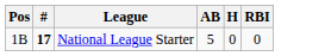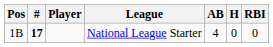 <table class="wikitable">
 <tr>
 <th>Pos</th>
 <th>#</th>
+<th>Player</th>
 <th>League</th>
 <th>AB</th>
 <th>H</th>
 <th>RBI</th>
 </tr>
 <tr align="center">
 <td>1B</td>
 <td><strong>17</strong></td>
+<td></td>
 <td><a href='#'>National League</a> Starter</td>
-<td>5</td>
+<td>4</td>
 <td>0</td>
 <td>0</td>
 </tr>
 </table>
